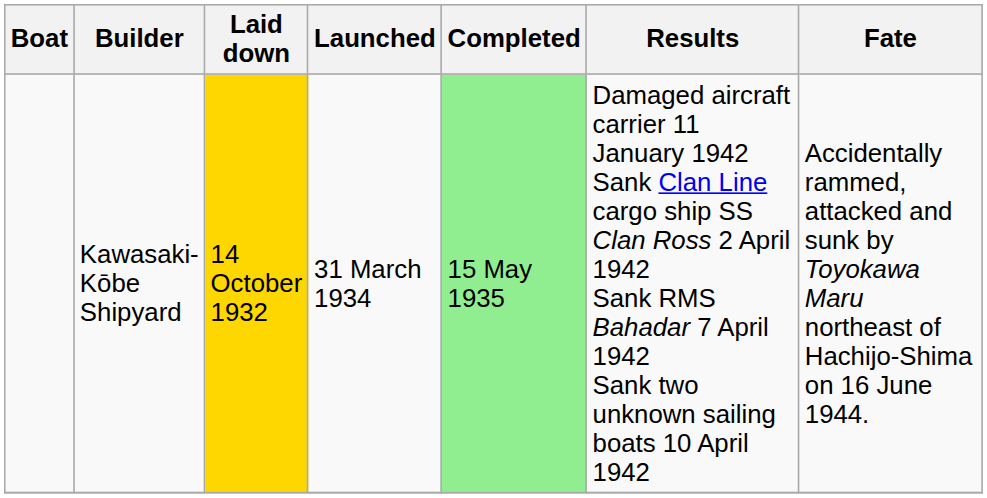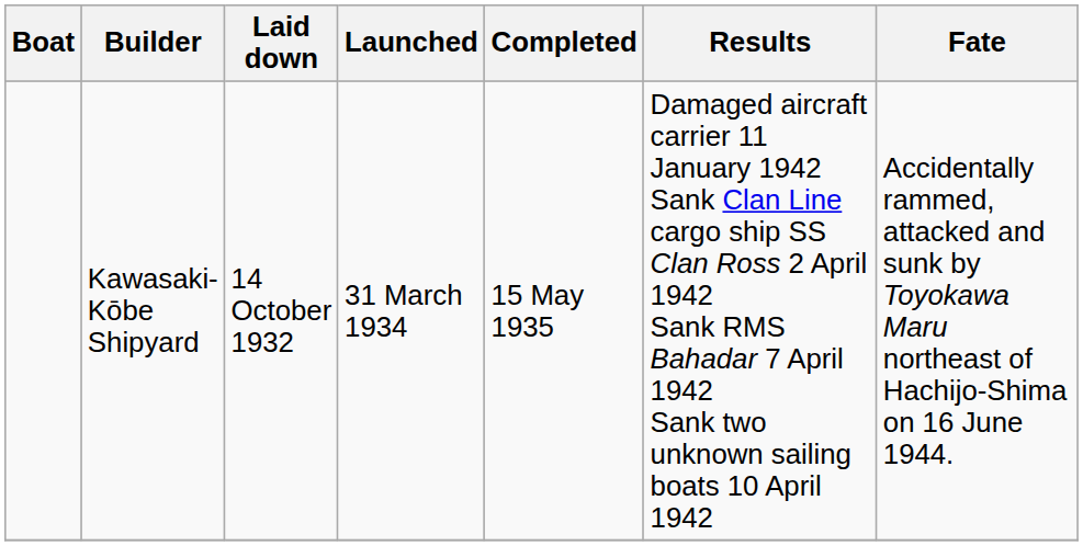 <table class="wikitable">
 <tr>
 <th width="3%">Boat</th>
 <th width="10%">Builder</th>
 <th width="5%">Laid down</th>
 <th width="5%">Launched</th>
 <th width="5%">Completed</th>
 <th width="25%">Results</th>
 <th width="20%">Fate</th>
 </tr>
 <tr>
 <td></td>
 <td>Kawasaki-Kōbe Shipyard</td>
-<td style="background: gold;">14 October 1932</td>
+<td>14 October 1932</td>
 <td>31 March 1934</td>
-<td style="background: lightgreen;">15 May 1935</td>
+<td>15 May 1935</td>
 <td>Damaged aircraft carrier  11 January 1942<br>Sank <a href='#'>Clan Line</a> cargo ship SS <em>Clan Ross</em> 2 April 1942<br>Sank RMS <em>Bahadar</em> 7 April 1942<br>Sank two unknown sailing boats 10 April 1942</td>
 <td>Accidentally rammed, attacked and sunk by <em>Toyokawa Maru</em> northeast of Hachijo-Shima on 16 June 1944.</td>
 </tr>
 <tr>
 </tr>
 </table>
